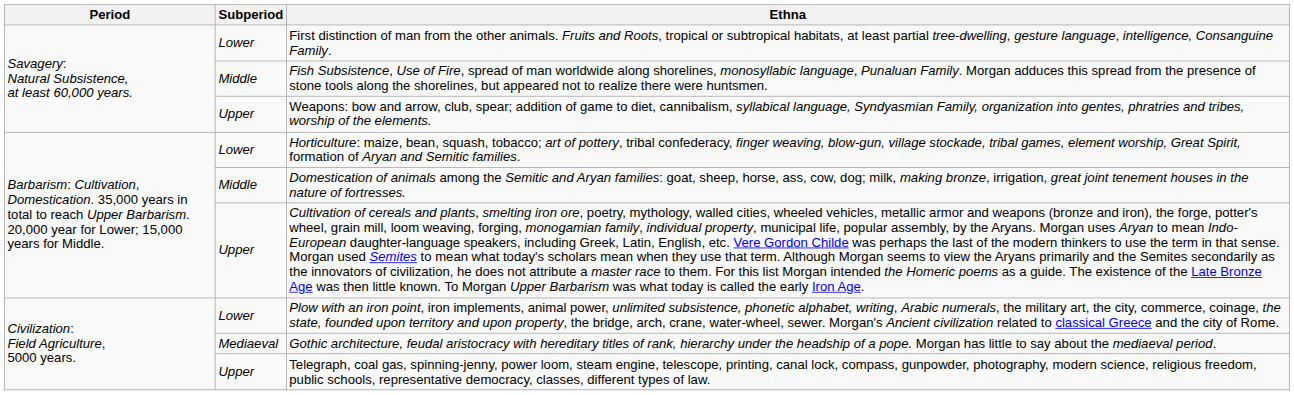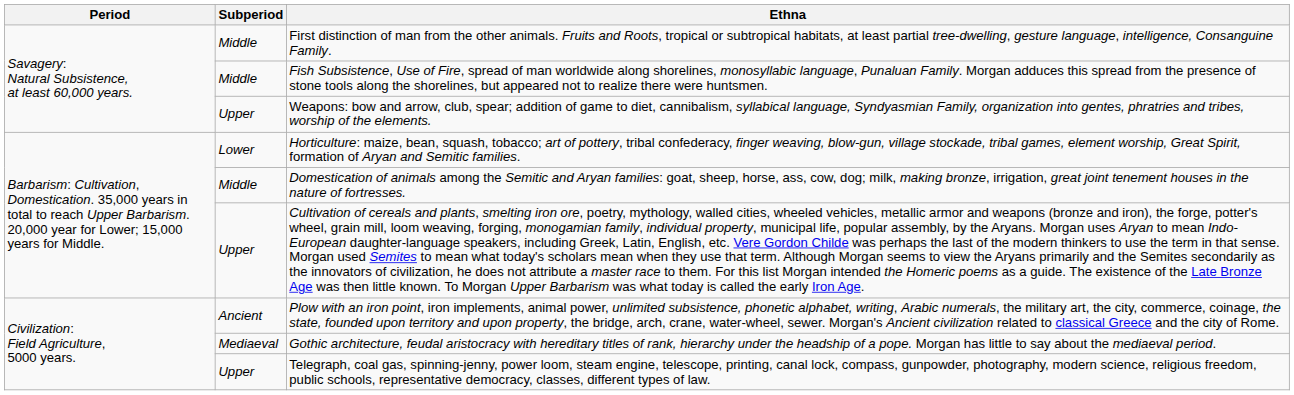 <table class="wikitable">
 <tr>
 <th><strong>Period</strong></th>
 <th><strong>Subperiod</strong></th>
 <th><strong>Ethna</strong></th>
 </tr>
 <tr>
 <td rowspan="3"><em>Savagery</em>:<br><em>Natural Subsistence,<br>at least 60,000 years.</em></td>
-<td><em>Lower</em></td>
+<td><em>Middle</em></td>
 <td>First distinction of man from the other animals. <em>Fruits and Roots</em>, tropical or subtropical habitats, at least partial <em>tree-dwelling</em>, <em>gesture language</em>, <em>intelligence, Consanguine Family</em>.</td>
 </tr>
 <tr>
 <td><em>Middle</em></td>
 <td><em>Fish Subsistence</em>, <em>Use of Fire</em>, spread of man worldwide along shorelines, <em>monosyllabic language</em>, <em>Punaluan Family</em>. Morgan adduces this spread from the presence of stone tools along the shorelines, but appeared not to realize there were huntsmen.</td>
 </tr>
 <tr>
 <td><em>Upper</em></td>
 <td>Weapons: bow and arrow, club, spear; addition of game to diet, cannibalism, <em>syllabical language, Syndyasmian Family, organization into gentes, phratries and tribes, worship of the elements.</em></td>
 </tr>
 <tr>
 <td rowspan="3"><em>Barbarism</em>: <em>Cultivation</em>, <em>Domestication</em>. 35,000 years in total to reach <em>Upper Barbarism</em>. 20,000 year for Lower; 15,000 years for Middle.</td>
 <td><em>Lower</em></td>
 <td><em>Horticulture</em>: maize, bean, squash, tobacco; <em>art of pottery</em>, tribal confederacy, <em>finger weaving, blow-gun, village stockade, tribal games, element worship, Great Spirit,</em> formation of <em>Aryan and Semitic families</em>.</td>
 </tr>
 <tr>
 <td><em>Middle</em></td>
 <td><em>Domestication of animals</em> among the <em>Semitic and Aryan families</em>: goat, sheep, horse, ass, cow, dog; milk, <em>making bronze</em>, irrigation, <em>great joint tenement houses in the nature of fortresses.</em></td>
 </tr>
 <tr>
 <td><em>Upper</em></td>
 <td><em>Cultivation of cereals and plants</em>, <em>smelting iron ore</em>, poetry, mythology, walled cities, wheeled vehicles, metallic armor and weapons (bronze and iron), the forge, potter's wheel, grain mill, loom weaving, forging, <em>monogamian family</em>, <em>individual property</em>, municipal life, popular assembly, by the Aryans. Morgan uses <em>Aryan</em> to mean <em>Indo-European</em> daughter-language speakers, including Greek, Latin, English, etc. <a href='#'>Vere Gordon Childe</a> was perhaps the last of the modern thinkers to use the term in that sense. Morgan used <em><a href='#'>Semites</a></em> to mean what today's scholars mean when they use that term. Although Morgan seems to view the Aryans primarily and the Semites secondarily as the innovators of civilization, he does not attribute a <em>master race</em> to them. For this list Morgan intended <em>the Homeric poems</em> as a guide. The existence of the <a href='#'>Late Bronze Age</a> was then little known. To Morgan <em>Upper Barbarism</em> was what today is called the early <a href='#'>Iron Age</a>.</td>
 </tr>
 <tr>
 <td rowspan="3"><em>Civilization</em>:<br><em>Field Agriculture</em>,<br>5000 years.</td>
-<td><em>Lower</em></td>
+<td><em>Ancient</em></td>
 <td><em>Plow with an iron point</em>, iron implements, animal power, <em>unlimited subsistence, phonetic alphabet, writing</em>, <em>Arabic numerals</em>, the military art, the city, commerce, coinage, <em>the state, founded upon territory and upon property</em>, the bridge, arch, crane, water-wheel, sewer. Morgan's <em>Ancient civilization</em> related to <a href='#'>classical Greece</a> and the city of Rome.</td>
 </tr>
 <tr>
 <td><em>Mediaeval</em></td>
 <td><em>Gothic architecture, feudal aristocracy with hereditary titles of rank, hierarchy under the headship of a pope.</em> Morgan has little to say about the <em>mediaeval period</em>.</td>
 </tr>
 <tr>
 <td><em>Upper</em></td>
 <td>Telegraph, coal gas, spinning-jenny, power loom, steam engine, telescope, printing, canal lock, compass, gunpowder, photography, modern science, religious freedom, public schools, representative democracy, classes, different types of law.</td>
 </tr>
 </table>
